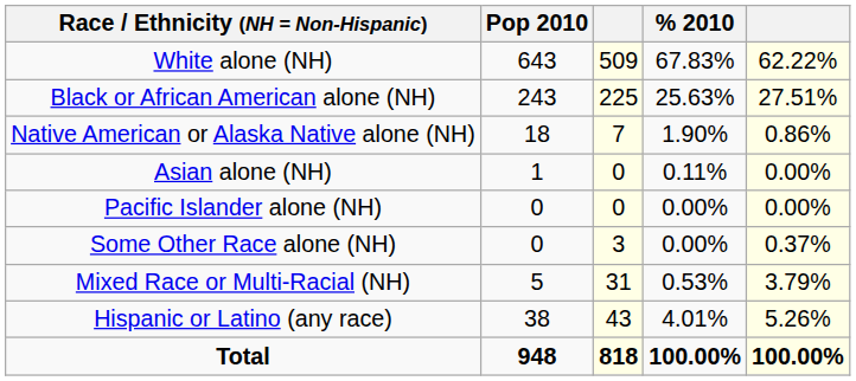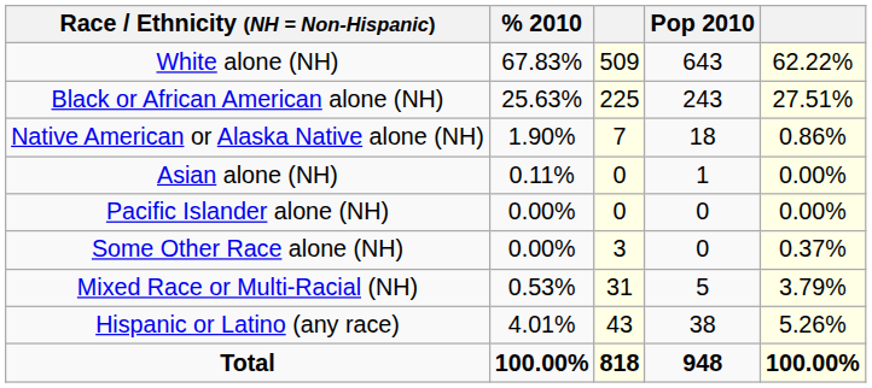 <table class="wikitable"  style="text-align:center;">
 <tr>
 <th>Race / Ethnicity <small>(<em>NH = Non-Hispanic</em>)</small></th>
+<th>% 2010</th>
+<th></th>
 <th>Pop 2010</th>
-<th></th>
-<th>% 2010</th>
 <th></th>
 </tr>
 <tr>
 <td><a href='#'>White</a> alone (NH)</td>
+<td>67.83%</td>
+<td style='background: #ffffe6;'>509</td>
 <td>643</td>
-<td style='background: #ffffe6;'>509</td>
-<td>67.83%</td>
 <td style='background: #ffffe6;'>62.22%</td>
 </tr>
 <tr>
 <td><a href='#'>Black or African American</a> alone (NH)</td>
+<td>25.63%</td>
+<td style='background: #ffffe6;'>225</td>
 <td>243</td>
-<td style='background: #ffffe6;'>225</td>
-<td>25.63%</td>
 <td style='background: #ffffe6;'>27.51%</td>
 </tr>
 <tr>
 <td><a href='#'>Native American</a> or <a href='#'>Alaska Native</a> alone (NH)</td>
+<td>1.90%</td>
+<td style='background: #ffffe6;'>7</td>
 <td>18</td>
-<td style='background: #ffffe6;'>7</td>
-<td>1.90%</td>
 <td style='background: #ffffe6;'>0.86%</td>
 </tr>
 <tr>
 <td><a href='#'>Asian</a> alone (NH)</td>
+<td>0.11%</td>
+<td style='background: #ffffe6;'>0</td>
 <td>1</td>
-<td style='background: #ffffe6;'>0</td>
-<td>0.11%</td>
 <td style='background: #ffffe6;'>0.00%</td>
 </tr>
 <tr>
 <td><a href='#'>Pacific Islander</a> alone (NH)</td>
+<td>0.00%</td>
+<td style='background: #ffffe6;'>0</td>
 <td>0</td>
-<td style='background: #ffffe6;'>0</td>
-<td>0.00%</td>
 <td style='background: #ffffe6;'>0.00%</td>
 </tr>
 <tr>
 <td><a href='#'>Some Other Race</a> alone (NH)</td>
+<td>0.00%</td>
+<td style='background: #ffffe6;'>3</td>
 <td>0</td>
-<td style='background: #ffffe6;'>3</td>
-<td>0.00%</td>
 <td style='background: #ffffe6;'>0.37%</td>
 </tr>
 <tr>
 <td><a href='#'>Mixed Race or Multi-Racial</a> (NH)</td>
+<td>0.53%</td>
+<td style='background: #ffffe6;'>31</td>
 <td>5</td>
-<td style='background: #ffffe6;'>31</td>
-<td>0.53%</td>
 <td style='background: #ffffe6;'>3.79%</td>
 </tr>
 <tr>
 <td><a href='#'>Hispanic or Latino</a> (any race)</td>
+<td>4.01%</td>
+<td style='background: #ffffe6;'>43</td>
 <td>38</td>
-<td style='background: #ffffe6;'>43</td>
-<td>4.01%</td>
 <td style='background: #ffffe6;'>5.26%</td>
 </tr>
 <tr>
 <td><strong>Total</strong></td>
+<td><strong>100.00%</strong></td>
+<td style='background: #ffffe6;'><strong>818</strong></td>
 <td><strong>948</strong></td>
-<td style='background: #ffffe6;'><strong>818</strong></td>
-<td><strong>100.00%</strong></td>
 <td style='background: #ffffe6;'><strong>100.00%</strong></td>
 </tr>
 </table>
